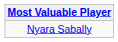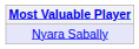 <table class=wikitable style="text-align:center; margin:auto">
 <tr>
 <th><a href='#'>Most Valuable Player</a></th>
 </tr>
 <tr>
-<td> <a href='#'>Nyara Sabally</a></td>
+<td style="background: lavender;"> <a href='#'>Nyara Sabally</a></td>
 </tr>
 </table>
